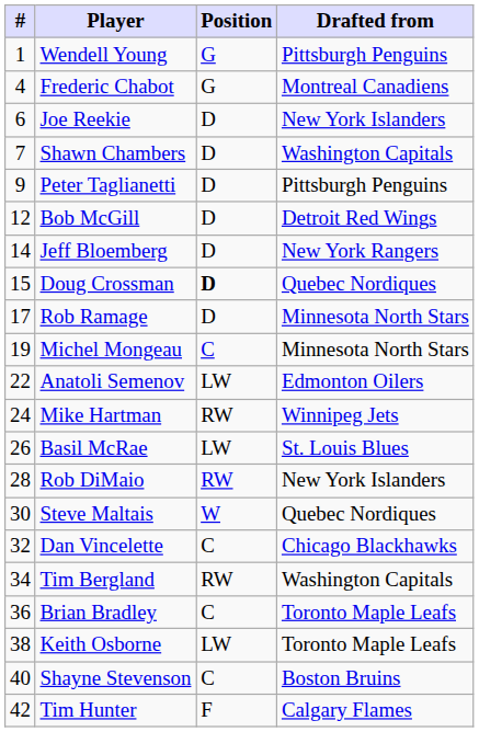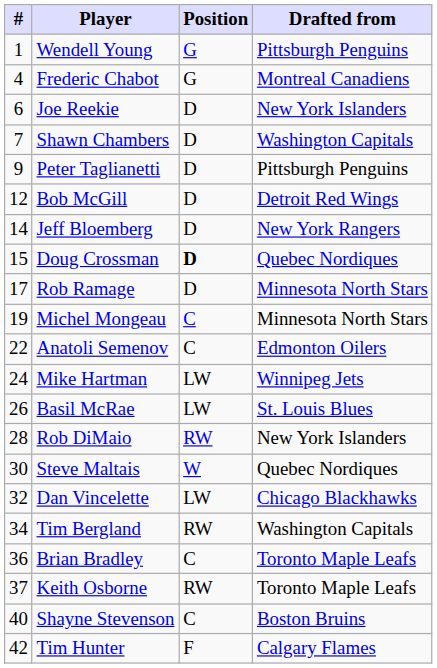 <table class="wikitable">
 <tr>
 <th style="background:#ddf;">#</th>
 <th style="background:#ddf;">Player</th>
 <th style="background:#ddf;">Position</th>
 <th style="background:#ddf;">Drafted from</th>
 </tr>
 <tr>
 <td style="text-align:center;">1</td>
 <td><a href='#'>Wendell Young</a></td>
 <td><a href='#'>G</a></td>
 <td><a href='#'>Pittsburgh Penguins</a></td>
 </tr>
 <tr>
 <td style="text-align:center;">4</td>
 <td><a href='#'>Frederic Chabot</a></td>
 <td>G</td>
 <td><a href='#'>Montreal Canadiens</a></td>
 </tr>
 <tr>
 <td style="text-align:center;">6</td>
 <td><a href='#'>Joe Reekie</a></td>
 <td>D</td>
 <td><a href='#'>New York Islanders</a></td>
 </tr>
 <tr>
 <td style="text-align:center;">7</td>
 <td><a href='#'>Shawn Chambers</a></td>
 <td>D</td>
 <td><a href='#'>Washington Capitals</a></td>
 </tr>
 <tr>
 <td style="text-align:center;">9</td>
 <td><a href='#'>Peter Taglianetti</a></td>
 <td>D</td>
 <td>Pittsburgh Penguins</td>
 </tr>
 <tr>
 <td style="text-align:center;">12</td>
 <td><a href='#'>Bob McGill</a></td>
 <td>D</td>
 <td><a href='#'>Detroit Red Wings</a></td>
 </tr>
 <tr>
 <td style="text-align:center;">14</td>
 <td><a href='#'>Jeff Bloemberg</a></td>
 <td>D</td>
 <td><a href='#'>New York Rangers</a></td>
 </tr>
 <tr>
 <td style="text-align:center;">15</td>
 <td><a href='#'>Doug Crossman</a></td>
 <td><strong>D</strong></td>
 <td><a href='#'>Quebec Nordiques</a></td>
 </tr>
 <tr>
 <td style="text-align:center;">17</td>
 <td><a href='#'>Rob Ramage</a></td>
 <td>D</td>
 <td><a href='#'>Minnesota North Stars</a></td>
 </tr>
 <tr>
 <td style="text-align:center;">19</td>
 <td><a href='#'>Michel Mongeau</a></td>
 <td><a href='#'>C</a></td>
 <td>Minnesota North Stars</td>
 </tr>
 <tr>
 <td style="text-align:center;">22</td>
 <td><a href='#'>Anatoli Semenov</a></td>
-<td>LW</td>
+<td>C</td>
 <td><a href='#'>Edmonton Oilers</a></td>
 </tr>
 <tr>
 <td style="text-align:center;">24</td>
 <td><a href='#'>Mike Hartman</a></td>
-<td>RW</td>
+<td>LW</td>
 <td><a href='#'>Winnipeg Jets</a></td>
 </tr>
 <tr>
 <td style="text-align:center;">26</td>
 <td><a href='#'>Basil McRae</a></td>
 <td>LW</td>
 <td><a href='#'>St. Louis Blues</a></td>
 </tr>
 <tr>
 <td style="text-align:center;">28</td>
 <td><a href='#'>Rob DiMaio</a></td>
 <td><a href='#'>RW</a></td>
 <td>New York Islanders</td>
 </tr>
 <tr>
 <td style="text-align:center;">30</td>
 <td><a href='#'>Steve Maltais</a></td>
 <td><a href='#'>W</a></td>
 <td>Quebec Nordiques</td>
 </tr>
 <tr>
 <td style="text-align:center;">32</td>
 <td><a href='#'>Dan Vincelette</a></td>
-<td>C</td>
+<td>LW</td>
 <td><a href='#'>Chicago Blackhawks</a></td>
 </tr>
 <tr>
 <td style="text-align:center;">34</td>
 <td><a href='#'>Tim Bergland</a></td>
 <td>RW</td>
 <td>Washington Capitals</td>
 </tr>
 <tr>
 <td style="text-align:center;">36</td>
 <td><a href='#'>Brian Bradley</a></td>
 <td>C</td>
 <td><a href='#'>Toronto Maple Leafs</a></td>
 </tr>
 <tr>
-<td style="text-align:center;">38</td>
+<td style="text-align:center;">37</td>
 <td><a href='#'>Keith Osborne</a></td>
-<td>LW</td>
+<td>RW</td>
 <td>Toronto Maple Leafs</td>
 </tr>
 <tr>
 <td style="text-align:center;">40</td>
 <td><a href='#'>Shayne Stevenson</a></td>
 <td>C</td>
 <td><a href='#'>Boston Bruins</a></td>
 </tr>
 <tr>
 <td style="text-align:center;">42</td>
 <td><a href='#'>Tim Hunter</a></td>
 <td>F</td>
 <td><a href='#'>Calgary Flames</a></td>
 </tr>
 </table>
